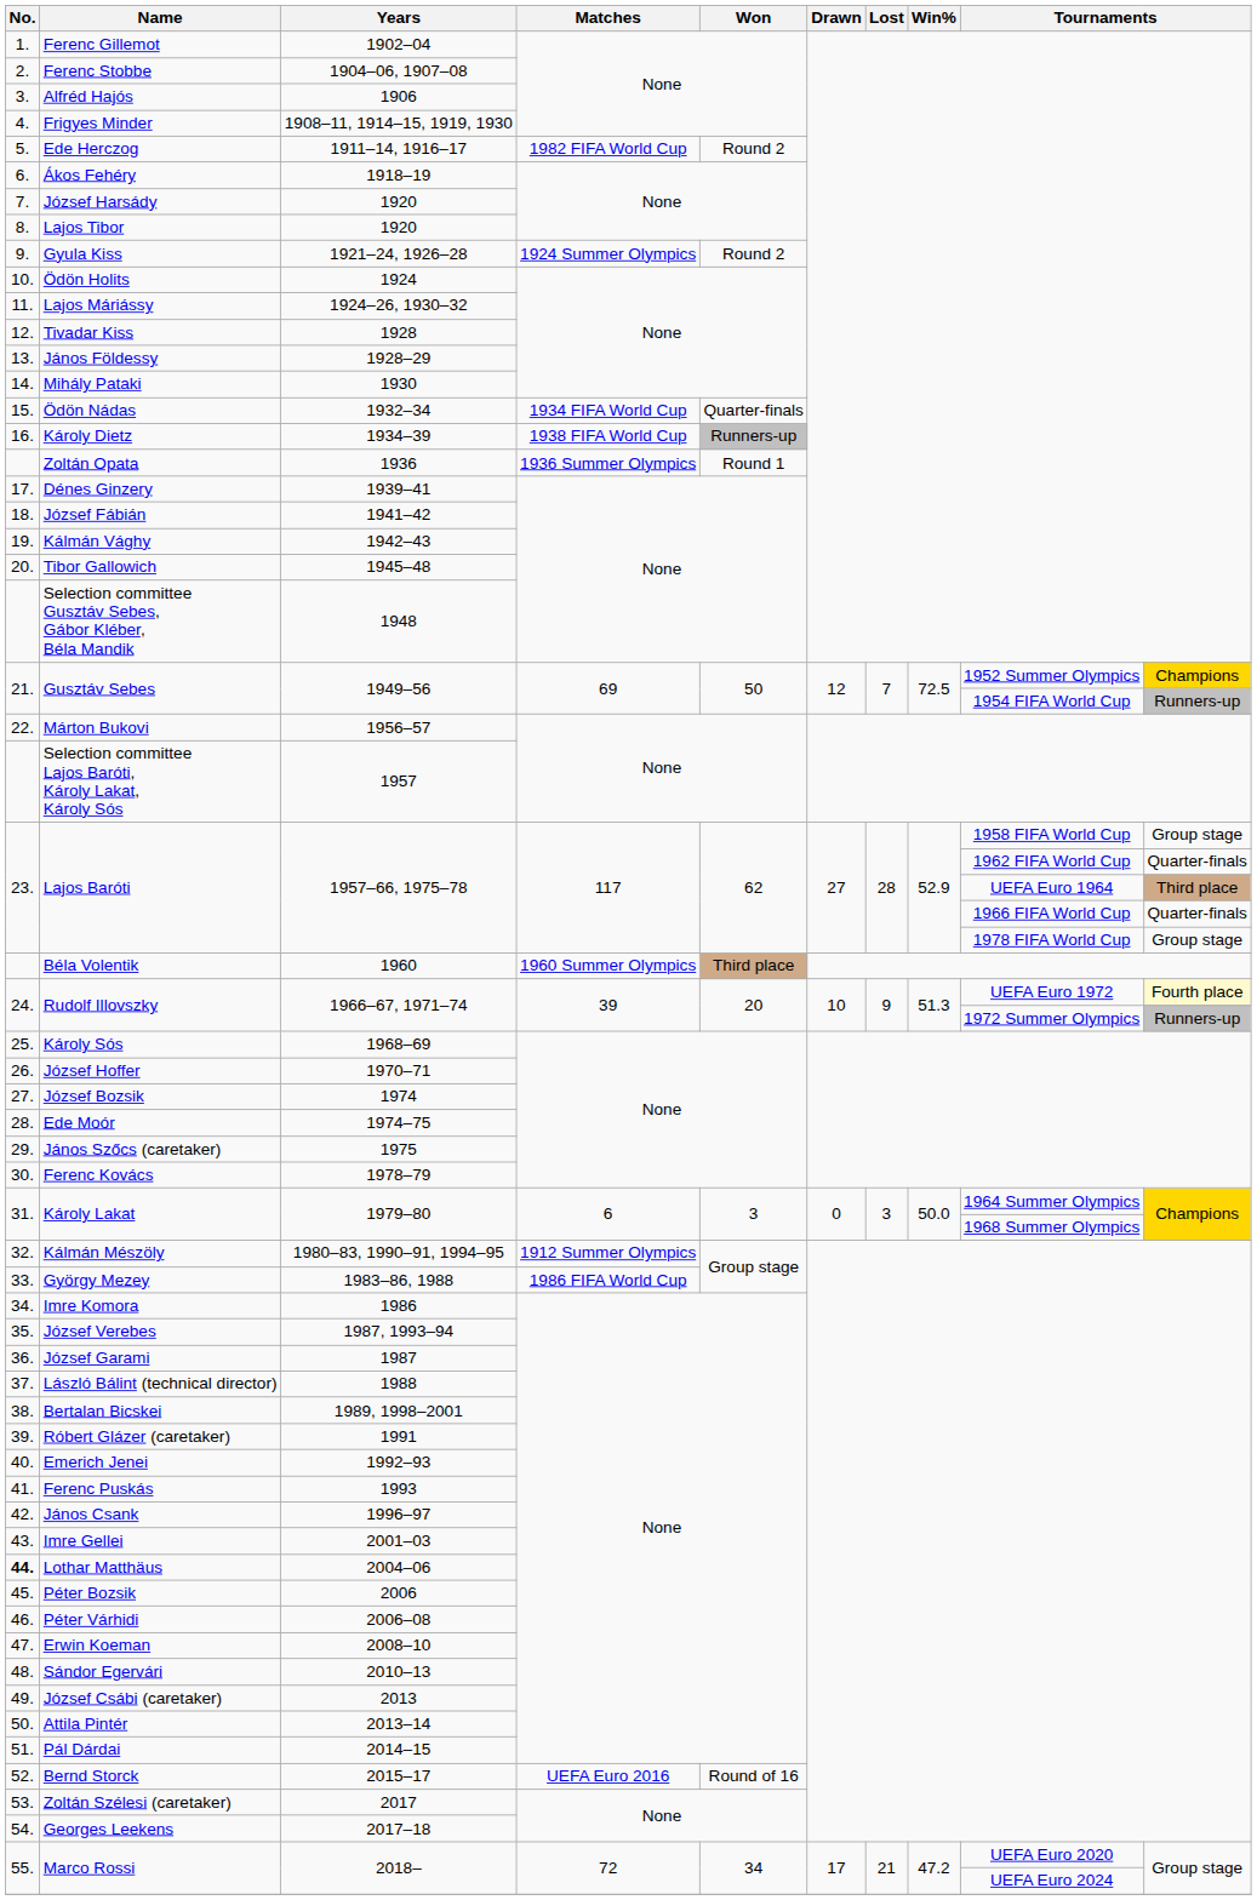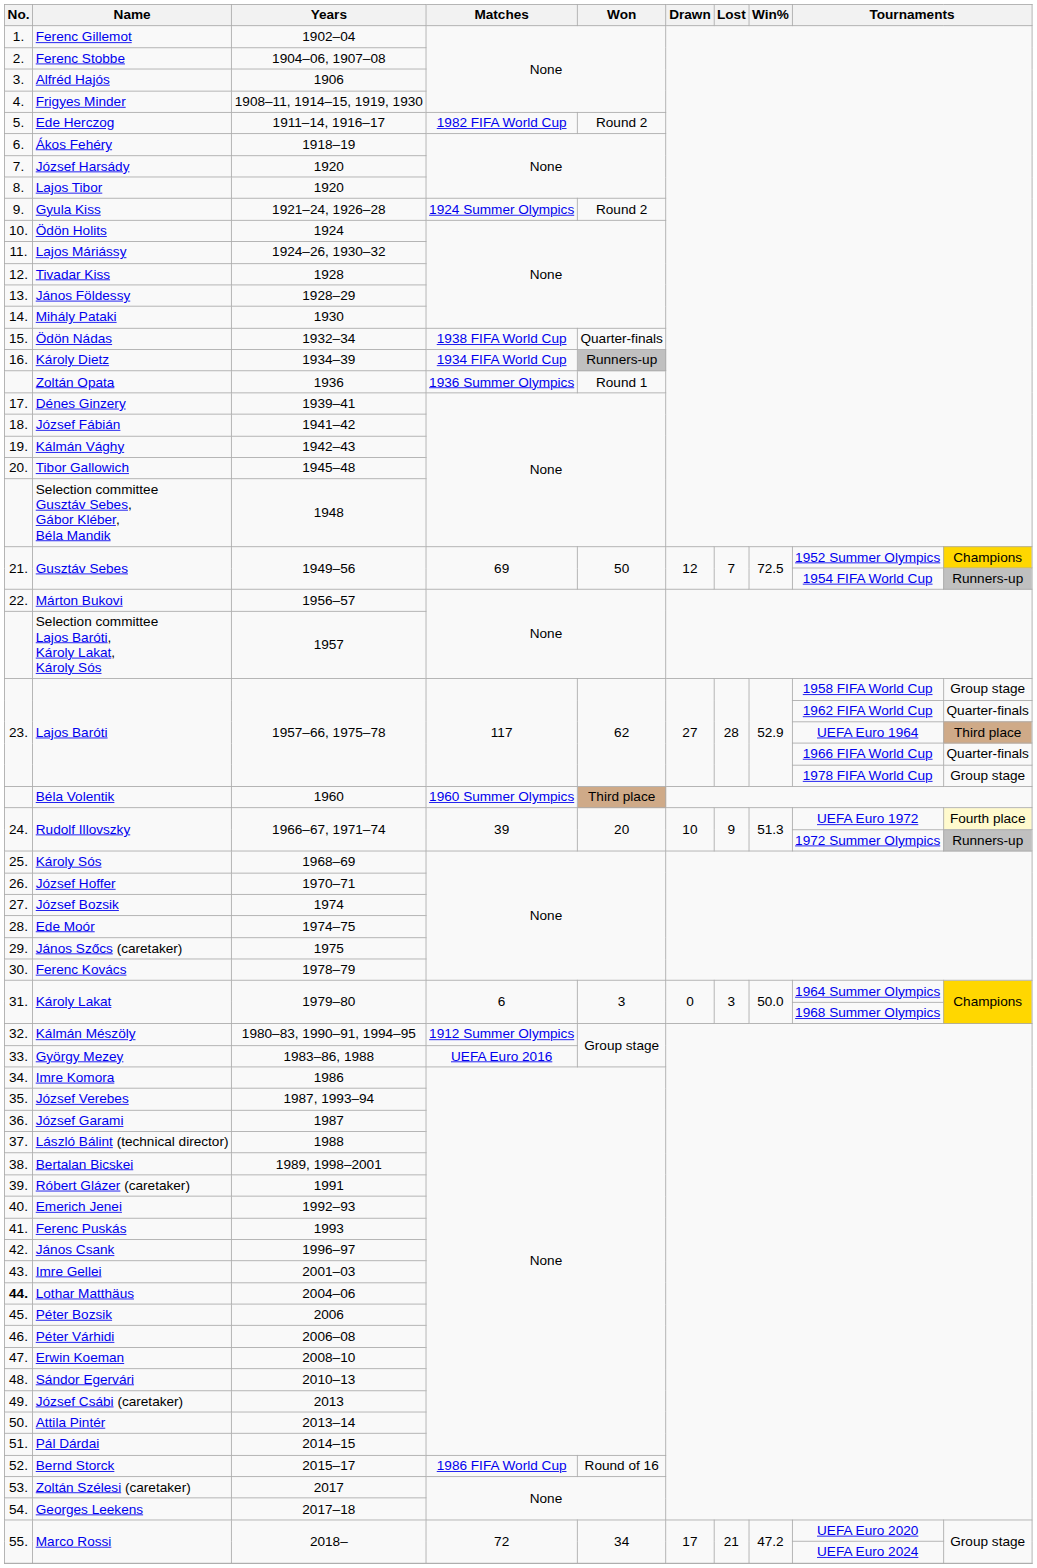 <table class="wikitable sortable" style="text-align:center;">
 <tr>
 <th>No.</th>
 <th>Name</th>
 <th>Years</th>
 <th>Matches</th>
 <th>Won</th>
 <th>Drawn</th>
 <th>Lost</th>
 <th>Win%</th>
 <th colspan="2">Tournaments</th>
 </tr>
 <tr>
 <td>1.</td>
 <td style="text-align: left;"> <a href='#'>Ferenc Gillemot</a></td>
 <td>1902–04<br></td>
 <td colspan=2 rowspan=4>None</td>
 </tr>
 <tr>
 <td>2.</td>
 <td style="text-align: left;"> <a href='#'>Ferenc Stobbe</a></td>
 <td>1904–06, 1907–08<br></td>
 </tr>
 <tr>
 <td>3.</td>
 <td style="text-align: left;"> <a href='#'>Alfréd Hajós</a></td>
 <td>1906<br></td>
 </tr>
 <tr>
 <td>4.</td>
 <td style="text-align: left;"> <a href='#'>Frigyes Minder</a></td>
 <td>1908–11, 1914–15, 1919, 1930<br></td>
 </tr>
 <tr>
 <td>5.</td>
 <td style="text-align: left;"> <a href='#'>Ede Herczog</a></td>
 <td>1911–14, 1916–17<br></td>
 <td><a href='#'>1982 FIFA World Cup</a></td>
 <td>Round 2</td>
 </tr>
 <tr>
 <td>6.</td>
 <td style="text-align: left;"> <a href='#'>Ákos Fehéry</a></td>
 <td>1918–19<br></td>
 <td colspan=2 rowspan=3>None</td>
 </tr>
 <tr>
 <td>7.</td>
 <td style="text-align: left;"> <a href='#'>József Harsády</a></td>
 <td>1920<br></td>
 </tr>
 <tr>
 <td>8.</td>
 <td style="text-align: left;"> <a href='#'>Lajos Tibor</a></td>
 <td>1920<br></td>
 </tr>
 <tr>
 <td>9.</td>
 <td style="text-align: left;"> <a href='#'>Gyula Kiss</a></td>
 <td>1921–24, 1926–28<br></td>
 <td><a href='#'>1924 Summer Olympics</a></td>
 <td>Round 2</td>
 </tr>
 <tr>
 <td>10.</td>
 <td style="text-align: left;"> <a href='#'>Ödön Holits</a></td>
 <td>1924<br></td>
 <td colspan=2 rowspan=5>None</td>
 </tr>
 <tr>
 <td>11.</td>
 <td style="text-align: left;"> <a href='#'>Lajos Máriássy</a></td>
 <td>1924–26, 1930–32<br></td>
 </tr>
 <tr>
 <td>12.</td>
 <td style="text-align: left;"> <a href='#'>Tivadar Kiss</a></td>
 <td>1928<br></td>
 </tr>
 <tr>
 <td>13.</td>
 <td style="text-align: left;"> <a href='#'>János Földessy</a></td>
 <td>1928–29<br></td>
 </tr>
 <tr>
 <td>14.</td>
 <td style="text-align: left;"> <a href='#'>Mihály Pataki</a></td>
 <td>1930<br></td>
 </tr>
 <tr>
 <td>15.</td>
 <td style="text-align: left;"> <a href='#'>Ödön Nádas</a></td>
 <td>1932–34<br></td>
-<td><a href='#'>1934 FIFA World Cup</a></td>
+<td><a href='#'>1938 FIFA World Cup</a></td>
 <td>Quarter-finals</td>
 </tr>
 <tr>
 <td>16.</td>
 <td style="text-align: left;"> <a href='#'>Károly Dietz</a></td>
 <td>1934–39<br></td>
-<td><a href='#'>1938 FIFA World Cup</a></td>
+<td><a href='#'>1934 FIFA World Cup</a></td>
 <td bgcolor="silver">Runners-up</td>
 </tr>
 <tr>
 <td></td>
 <td align=left> <a href='#'>Zoltán Opata</a></td>
 <td>1936<br></td>
 <td><a href='#'>1936 Summer Olympics</a></td>
 <td>Round 1</td>
 </tr>
 <tr>
 <td>17.</td>
 <td style="text-align: left;"> <a href='#'>Dénes Ginzery</a></td>
 <td>1939–41<br></td>
 <td colspan="2" rowspan="5">None</td>
 </tr>
 <tr>
 <td>18.</td>
 <td style="text-align: left;"> <a href='#'>József Fábián</a></td>
 <td>1941–42<br></td>
 </tr>
 <tr>
 <td>19.</td>
 <td style="text-align: left;"> <a href='#'>Kálmán Vághy</a></td>
 <td>1942–43<br></td>
 </tr>
 <tr>
 <td>20.</td>
 <td style="text-align: left;"> <a href='#'>Tibor Gallowich</a></td>
 <td>1945–48<br></td>
 </tr>
 <tr>
 <td></td>
 <td align=left>Selection committee<br> <a href='#'>Gusztáv Sebes</a>,<br> <a href='#'>Gábor Kléber</a>,<br> <a href='#'>Béla Mandik</a></td>
 <td>1948<br></td>
 </tr>
 <tr>
 <td rowspan="2">21.</td>
 <td align="left" rowspan="2"> <a href='#'>Gusztáv Sebes</a></td>
 <td rowspan="2">1949–56</td>
 <td rowspan="2">69</td>
 <td rowspan="2">50</td>
 <td rowspan="2">12</td>
 <td rowspan="2">7</td>
 <td rowspan="2">72.5</td>
 <td><a href='#'>1952 Summer Olympics</a></td>
 <td bgcolor="gold">Champions</td>
 </tr>
 <tr>
 <td><a href='#'>1954 FIFA World Cup</a></td>
 <td bgcolor="silver">Runners-up</td>
 </tr>
 <tr>
 <td>22.</td>
 <td style="text-align: left;"> <a href='#'>Márton Bukovi</a></td>
 <td>1956–57<br></td>
 <td colspan="2" rowspan="2">None</td>
 </tr>
 <tr>
 <td></td>
 <td align=left>Selection committee<br> <a href='#'>Lajos Baróti</a>,<br> <a href='#'>Károly Lakat</a>,<br> <a href='#'>Károly Sós</a></td>
 <td>1957<br></td>
 </tr>
 <tr>
 <td rowspan="5">23.</td>
 <td align="left" rowspan="5"> <a href='#'>Lajos Baróti</a></td>
 <td rowspan="5">1957–66, 1975–78</td>
 <td rowspan="5">117</td>
 <td rowspan="5">62</td>
 <td rowspan="5">27</td>
 <td rowspan="5">28</td>
 <td rowspan="5">52.9</td>
 <td><a href='#'>1958 FIFA World Cup</a></td>
 <td>Group stage</td>
 </tr>
 <tr>
 <td><a href='#'>1962 FIFA World Cup</a></td>
 <td>Quarter-finals</td>
 </tr>
 <tr>
 <td><a href='#'>UEFA Euro 1964</a></td>
 <td bgcolor="#CFAA88">Third place</td>
 </tr>
 <tr>
 <td><a href='#'>1966 FIFA World Cup</a></td>
 <td>Quarter-finals</td>
 </tr>
 <tr>
 <td><a href='#'>1978 FIFA World Cup</a></td>
 <td>Group stage</td>
 </tr>
 <tr>
 <td></td>
 <td align=left> <a href='#'>Béla Volentik</a></td>
 <td>1960<br></td>
 <td><a href='#'>1960 Summer Olympics</a></td>
 <td bgcolor="#CFAA88">Third place</td>
 </tr>
 <tr>
 <td rowspan="2">24.</td>
 <td align="left" rowspan="2"> <a href='#'>Rudolf Illovszky</a></td>
 <td rowspan="2">1966–67, 1971–74</td>
 <td rowspan="2">39</td>
 <td rowspan="2">20</td>
 <td rowspan="2">10</td>
 <td rowspan="2">9</td>
 <td rowspan="2">51.3</td>
 <td><a href='#'>UEFA Euro 1972</a></td>
 <td bgcolor="FFFACD">Fourth place</td>
 </tr>
 <tr>
 <td><a href='#'>1972 Summer Olympics</a></td>
 <td bgcolor="silver">Runners-up</td>
 </tr>
 <tr>
 <td>25.</td>
 <td style="text-align: left;"> <a href='#'>Károly Sós</a></td>
 <td>1968–69<br></td>
 <td colspan=2 rowspan=6>None</td>
 </tr>
 <tr>
 <td>26.</td>
 <td style="text-align: left;"> <a href='#'>József Hoffer</a></td>
 <td>1970–71<br></td>
 </tr>
 <tr>
 <td>27.</td>
 <td style="text-align: left;"> <a href='#'>József Bozsik</a></td>
 <td>1974<br></td>
 </tr>
 <tr>
 <td>28.</td>
 <td style="text-align: left;"> <a href='#'>Ede Moór</a></td>
 <td>1974–75<br></td>
 </tr>
 <tr>
 <td>29.</td>
 <td style="text-align: left;"> <a href='#'>János Szőcs</a> (caretaker)</td>
 <td>1975<br></td>
 </tr>
 <tr>
 <td>30.</td>
 <td style="text-align: left;"> <a href='#'>Ferenc Kovács</a></td>
 <td>1978–79<br></td>
 </tr>
 <tr>
 <td rowspan="2">31.</td>
 <td align="left" rowspan="2"> <a href='#'>Károly Lakat</a></td>
 <td rowspan="2">1979–80</td>
 <td rowspan="2">6</td>
 <td rowspan="2">3</td>
 <td rowspan="2">0</td>
 <td rowspan="2">3</td>
 <td rowspan="2">50.0</td>
 <td><a href='#'>1964 Summer Olympics</a></td>
 <td rowspan="2" bgcolor="gold">Champions</td>
 </tr>
 <tr>
 <td><a href='#'>1968 Summer Olympics</a></td>
 </tr>
 <tr>
 <td>32.</td>
 <td style="text-align: left;"> <a href='#'>Kálmán Mészöly</a></td>
 <td>1980–83, 1990–91, 1994–95<br></td>
 <td><a href='#'>1912 Summer Olympics</a></td>
 <td rowspan="2">Group stage</td>
 </tr>
 <tr>
 <td>33.</td>
 <td style="text-align: left;"> <a href='#'>György Mezey</a></td>
 <td>1983–86, 1988<br></td>
-<td><a href='#'>1986 FIFA World Cup</a></td>
+<td><a href='#'>UEFA Euro 2016</a></td>
 </tr>
 <tr>
 <td>34.</td>
 <td style="text-align: left;"> <a href='#'>Imre Komora</a></td>
 <td>1986<br></td>
 <td colspan=2 rowspan=18>None</td>
 </tr>
 <tr>
 <td>35.</td>
 <td style="text-align: left;"> <a href='#'>József Verebes</a></td>
 <td>1987, 1993–94<br></td>
 </tr>
 <tr>
 <td>36.</td>
 <td style="text-align: left;"> <a href='#'>József Garami</a></td>
 <td>1987<br></td>
 </tr>
 <tr>
 <td>37.</td>
 <td style="text-align: left;"> <a href='#'>László Bálint</a> (technical director)</td>
 <td>1988<br></td>
 </tr>
 <tr>
 <td>38.</td>
 <td style="text-align: left;"> <a href='#'>Bertalan Bicskei</a></td>
 <td>1989, 1998–2001<br></td>
 </tr>
 <tr>
 <td>39.</td>
 <td style="text-align: left;"> <a href='#'>Róbert Glázer</a> (caretaker)</td>
 <td>1991<br></td>
 </tr>
 <tr>
 <td>40.</td>
 <td style="text-align: left;"> <a href='#'>Emerich Jenei</a></td>
 <td>1992–93<br></td>
 </tr>
 <tr>
 <td>41.</td>
 <td style="text-align: left;"> <a href='#'>Ferenc Puskás</a></td>
 <td>1993<br></td>
 </tr>
 <tr>
 <td>42.</td>
 <td style="text-align: left;"> <a href='#'>János Csank</a></td>
 <td>1996–97<br></td>
 </tr>
 <tr>
 <td>43.</td>
 <td style="text-align: left;"> <a href='#'>Imre Gellei</a></td>
 <td>2001–03<br></td>
 </tr>
 <tr>
 <td><strong>44.</strong></td>
 <td style="text-align: left;"> <a href='#'>Lothar Matthäus</a></td>
 <td>2004–06<br></td>
 </tr>
 <tr>
 <td>45.</td>
 <td style="text-align: left;"> <a href='#'>Péter Bozsik</a></td>
 <td>2006<br></td>
 </tr>
 <tr>
 <td>46.</td>
 <td style="text-align: left;"> <a href='#'>Péter Várhidi</a></td>
 <td>2006–08<br></td>
 </tr>
 <tr>
 <td>47.</td>
 <td style="text-align: left;"> <a href='#'>Erwin Koeman</a></td>
 <td>2008–10<br></td>
 </tr>
 <tr>
 <td>48.</td>
 <td style="text-align: left;"> <a href='#'>Sándor Egervári</a></td>
 <td>2010–13<br></td>
 </tr>
 <tr>
 <td>49.</td>
 <td style="text-align: left;"> <a href='#'>József Csábi</a> (caretaker)</td>
 <td>2013<br></td>
 </tr>
 <tr>
 <td>50.</td>
 <td style="text-align: left;"> <a href='#'>Attila Pintér</a></td>
 <td>2013–14<br></td>
 </tr>
 <tr>
 <td>51.</td>
 <td style="text-align: left;"> <a href='#'>Pál Dárdai</a></td>
 <td>2014–15<br></td>
 </tr>
 <tr>
 <td>52.</td>
 <td style="text-align: left;"> <a href='#'>Bernd Storck</a></td>
 <td>2015–17<br></td>
-<td><a href='#'>UEFA Euro 2016</a></td>
+<td><a href='#'>1986 FIFA World Cup</a></td>
 <td>Round of 16</td>
 </tr>
 <tr>
 <td>53.</td>
 <td style="text-align: left;"> <a href='#'>Zoltán Szélesi</a> (caretaker)</td>
 <td>2017<br></td>
 <td colspan=2 rowspan=2>None</td>
 </tr>
 <tr>
 <td>54.</td>
 <td style="text-align: left;"> <a href='#'>Georges Leekens</a></td>
 <td>2017–18<br></td>
 </tr>
 <tr>
 <td rowspan="2">55.</td>
 <td align="left" rowspan="2"> <a href='#'>Marco Rossi</a></td>
 <td rowspan="2">2018–</td>
 <td rowspan="2">72</td>
 <td rowspan="2">34</td>
 <td rowspan="2">17</td>
 <td rowspan="2">21</td>
 <td rowspan="2">47.2</td>
 <td><a href='#'>UEFA Euro 2020</a></td>
 <td rowspan="2">Group stage</td>
 </tr>
 <tr>
 <td><a href='#'>UEFA Euro 2024</a></td>
 </tr>
 <tr>
 </tr>
 </table>
